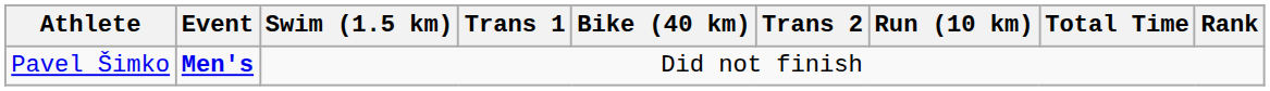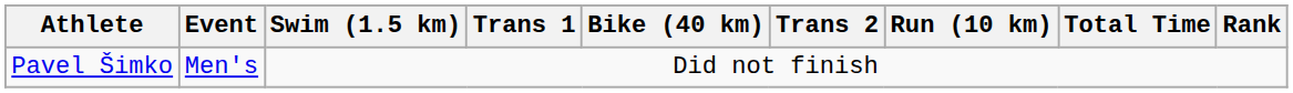 <table class="wikitable" style="font-size:90%">
 <tr>
 <th>Athlete</th>
 <th>Event</th>
 <th>Swim (1.5 km)</th>
 <th>Trans 1</th>
 <th>Bike (40 km)</th>
 <th>Trans 2</th>
 <th>Run (10 km)</th>
 <th>Total Time</th>
 <th>Rank</th>
 </tr>
 <tr align=center>
 <td align=left><a href='#'>Pavel Šimko</a></td>
-<td align=left><strong><a href='#'>Men's</a></strong></td>
+<td align=left><a href='#'>Men's</a></td>
 <td colspan=7>Did not finish</td>
 </tr>
 </table>
